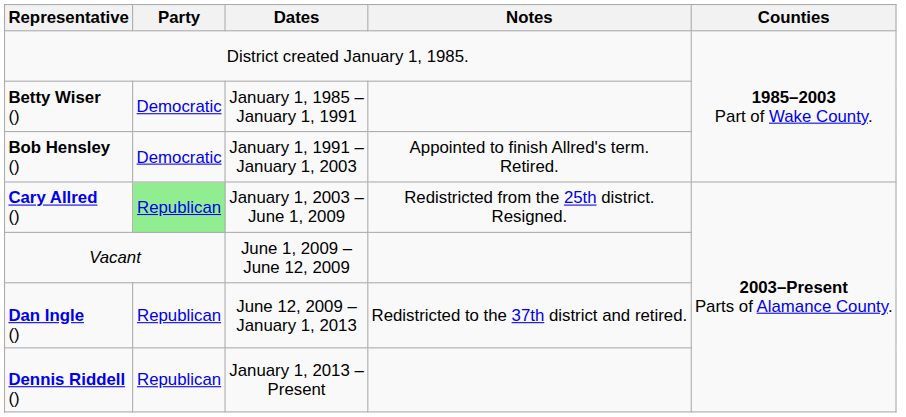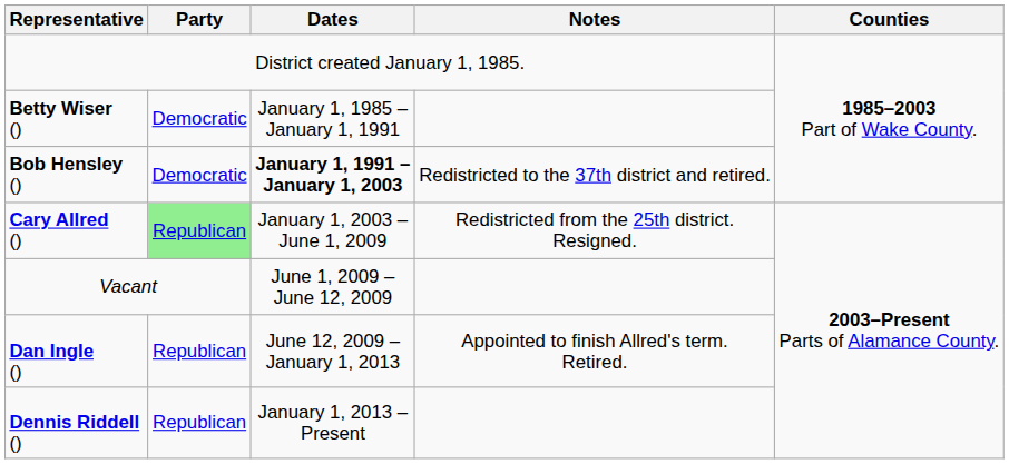 <table class=wikitable style="text-align:center">
 <tr>
 <th>Representative</th>
 <th>Party</th>
 <th>Dates</th>
 <th>Notes</th>
 <th>Counties</th>
 </tr>
 <tr style="height:3em">
 <td colspan=4>District created January 1, 1985.</td>
 <td rowspan=3><strong>1985–2003</strong> <br> Part of <a href='#'>Wake County</a>.</td>
 </tr>
 <tr style="height:3em">
 <td align=left><strong>Betty Wiser</strong><br>()</td>
 <td><a href='#'>Democratic</a></td>
 <td nowrap>January 1, 1985 – <br> January 1, 1991</td>
 <td></td>
 </tr>
 <tr style="height:3em">
 <td align=left><strong>Bob Hensley</strong><br>()</td>
 <td><a href='#'>Democratic</a></td>
-<td nowrap>January 1, 1991 – <br> January 1, 2003</td>
-<td>Appointed to finish Allred's term. <br> Retired.</td>
+<td nowrap><strong>January 1, 1991 – <br> January 1, 2003</strong></td>
+<td>Redistricted to the <a href='#'>37th</a> district and retired.</td>
 </tr>
 <tr style="height:3em">
 <td align=left><strong><a href='#'>Cary Allred</a></strong><br>()</td>
 <td style="background: lightgreen;"><a href='#'>Republican</a></td>
 <td nowrap>January 1, 2003 – <br> June 1, 2009</td>
 <td>Redistricted from the <a href='#'>25th</a> district. <br> Resigned.</td>
 <td rowspan=4><strong>2003–Present</strong> <br> Parts of <a href='#'>Alamance County</a>.<br></td>
 </tr>
 <tr style="height:3em">
 <td colspan=2><em>Vacant</em></td>
 <td nowrap>June 1, 2009 – <br> June 12, 2009</td>
 <td></td>
 </tr>
 <tr style="height:3em">
 <td align=left><br><strong><a href='#'>Dan Ingle</a></strong><br>()</td>
 <td><a href='#'>Republican</a></td>
 <td nowrap>June 12, 2009 – <br> January 1, 2013</td>
-<td>Redistricted to the <a href='#'>37th</a> district and retired.</td>
+<td>Appointed to finish Allred's term. <br> Retired.</td>
 </tr>
 <tr style="height:3em">
 <td align=left><br><strong><a href='#'>Dennis Riddell</a></strong><br>()</td>
 <td><a href='#'>Republican</a></td>
 <td nowrap>January 1, 2013 – <br> Present</td>
 <td></td>
 </tr>
 </table>
